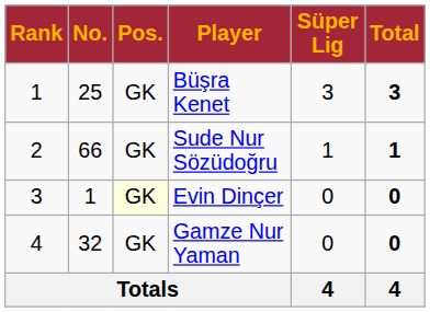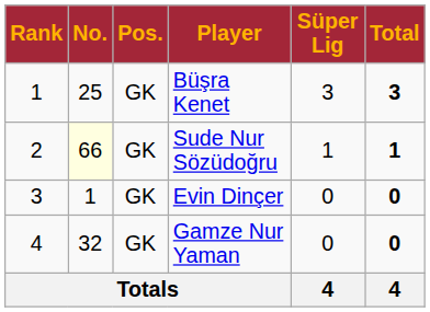 <table class="wikitable sortable" style="text-align:center;width:50%;">
 <tr>
 <th style=background-color:#A32638;color:#FFB300>Rank</th>
 <th style=background-color:#A32638;color:#FFB300>No.</th>
 <th style=background-color:#A32638;color:#FFB300>Pos.</th>
 <th style=background-color:#A32638;color:#FFB300>Player</th>
 <th style=background-color:#A32638;color:#FFB300>Süper Lig</th>
 <th style=background-color:#A32638;color:#FFB300>Total</th>
 </tr>
 <tr>
 <td>1</td>
 <td>25</td>
 <td>GK</td>
 <td align=left> <a href='#'>Büşra Kenet</a></td>
 <td>3</td>
 <td><strong>3</strong></td>
 </tr>
 <tr>
 <td>2</td>
-<td>66</td>
+<td style="background: lightyellow;">66</td>
 <td>GK</td>
 <td align=left> <a href='#'>Sude Nur Sözüdoğru</a></td>
 <td>1</td>
 <td><strong>1</strong></td>
 </tr>
 <tr>
 <td>3</td>
 <td>1</td>
-<td style="background: lightyellow;">GK</td>
+<td>GK</td>
 <td align=left> <a href='#'>Evin Dinçer</a></td>
 <td>0</td>
 <td><strong>0</strong></td>
 </tr>
 <tr>
 <td>4</td>
 <td>32</td>
 <td>GK</td>
 <td align=left> <a href='#'>Gamze Nur Yaman</a></td>
 <td>0</td>
 <td><strong>0</strong></td>
 </tr>
 <tr>
 <th colspan=4><strong>Totals </strong></th>
 <th><strong>4</strong></th>
 <th><strong>4</strong></th>
 </tr>
 </table>
